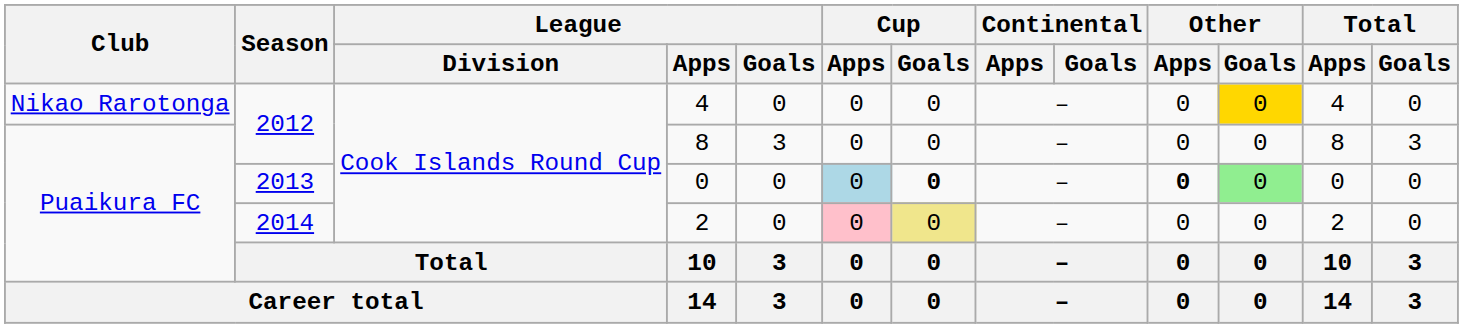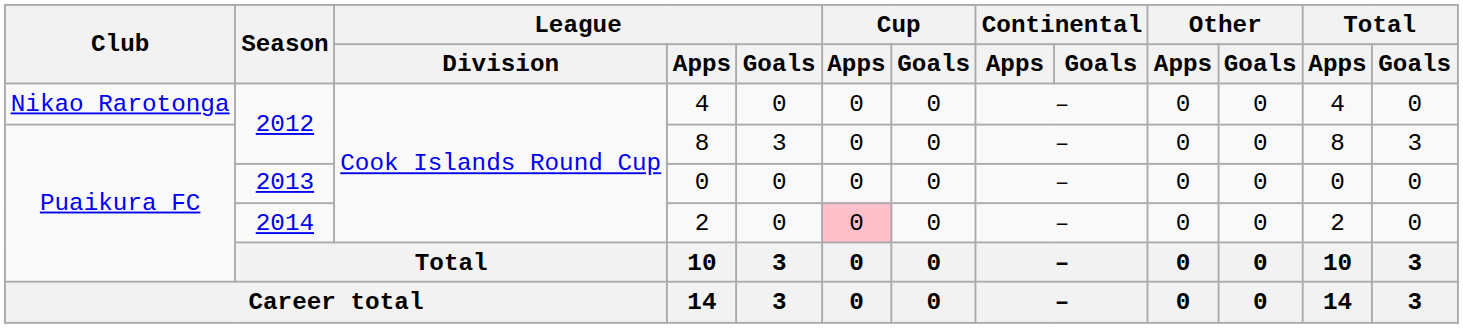 <table class="wikitable" style="text-align: center">
 <tr>
 <th rowspan="2">Club</th>
 <th rowspan="2">Season</th>
 <th colspan="3">League</th>
 <th colspan="2">Cup</th>
 <th colspan="2">Continental</th>
 <th colspan="2">Other</th>
 <th colspan="2">Total</th>
 </tr>
 <tr>
 <th>Division</th>
 <th>Apps</th>
 <th>Goals</th>
 <th>Apps</th>
 <th>Goals</th>
 <th>Apps</th>
 <th>Goals</th>
 <th>Apps</th>
 <th>Goals</th>
 <th>Apps</th>
 <th>Goals</th>
 </tr>
 <tr>
 <td><a href='#'>Nikao Rarotonga</a></td>
 <td rowspan="2"><a href='#'>2012</a></td>
 <td rowspan="4"><a href='#'>Cook Islands Round Cup</a></td>
 <td>4</td>
 <td>0</td>
 <td>0</td>
 <td>0</td>
 <td colspan="2">–</td>
 <td>0</td>
-<td style="background: gold;">0</td>
+<td>0</td>
 <td>4</td>
 <td>0</td>
 </tr>
 <tr>
 <td rowspan="4"><a href='#'>Puaikura FC</a></td>
 <td>8</td>
 <td>3</td>
 <td>0</td>
 <td>0</td>
 <td colspan="2">–</td>
 <td>0</td>
 <td>0</td>
 <td>8</td>
 <td>3</td>
 </tr>
 <tr>
 <td><a href='#'>2013</a></td>
 <td>0</td>
 <td>0</td>
-<td style="background: lightblue;">0</td>
-<td><strong>0</strong></td>
+<td>0</td>
+<td>0</td>
 <td colspan="2">–</td>
-<td><strong>0</strong></td>
-<td style="background: lightgreen;">0</td>
+<td>0</td>
+<td>0</td>
 <td>0</td>
 <td>0</td>
 </tr>
 <tr>
 <td><a href='#'>2014</a></td>
 <td>2</td>
 <td>0</td>
 <td style="background: pink;">0</td>
-<td style="background: khaki;">0</td>
+<td>0</td>
 <td colspan="2">–</td>
 <td>0</td>
 <td>0</td>
 <td>2</td>
 <td>0</td>
 </tr>
 <tr>
 <th colspan="2"><strong>Total</strong></th>
 <th>10</th>
 <th>3</th>
 <th>0</th>
 <th>0</th>
 <th colspan="2">–</th>
 <th>0</th>
 <th>0</th>
 <th>10</th>
 <th>3</th>
 </tr>
 <tr>
 <th colspan=3>Career total</th>
 <th>14</th>
 <th>3</th>
 <th>0</th>
 <th>0</th>
 <th colspan="2">–</th>
 <th>0</th>
 <th>0</th>
 <th>14</th>
 <th>3</th>
 </tr>
 </table>
